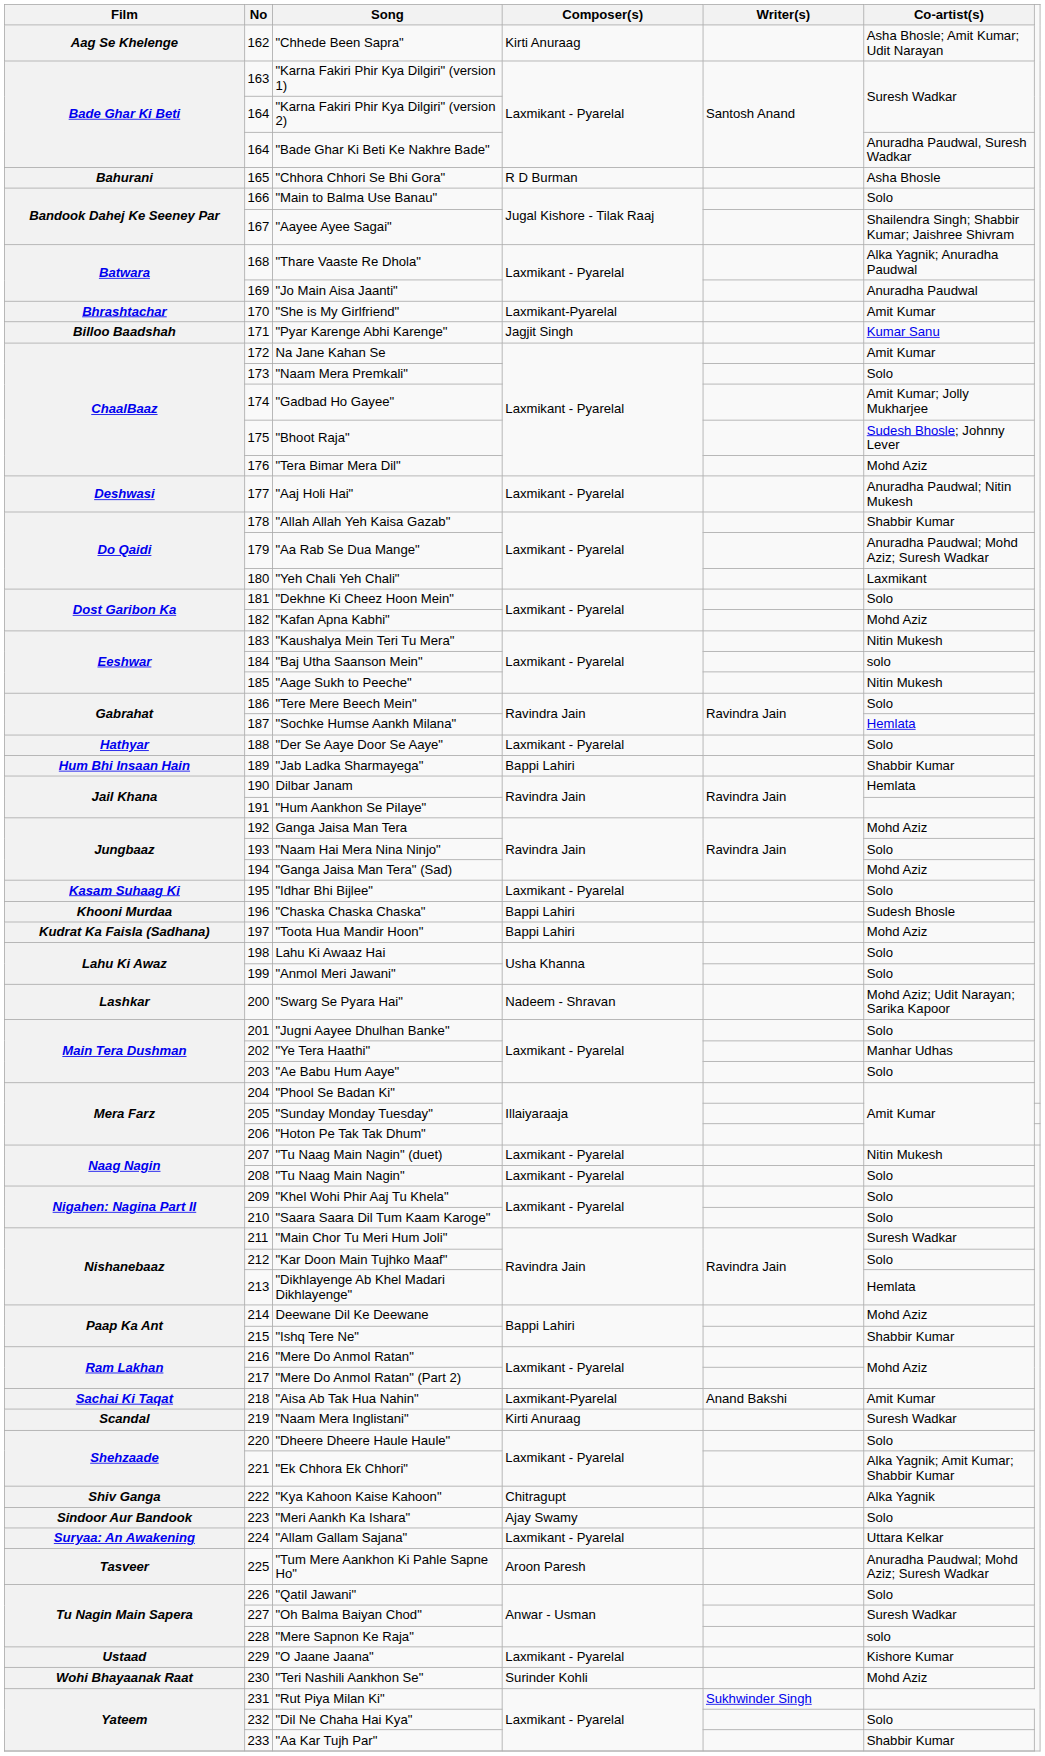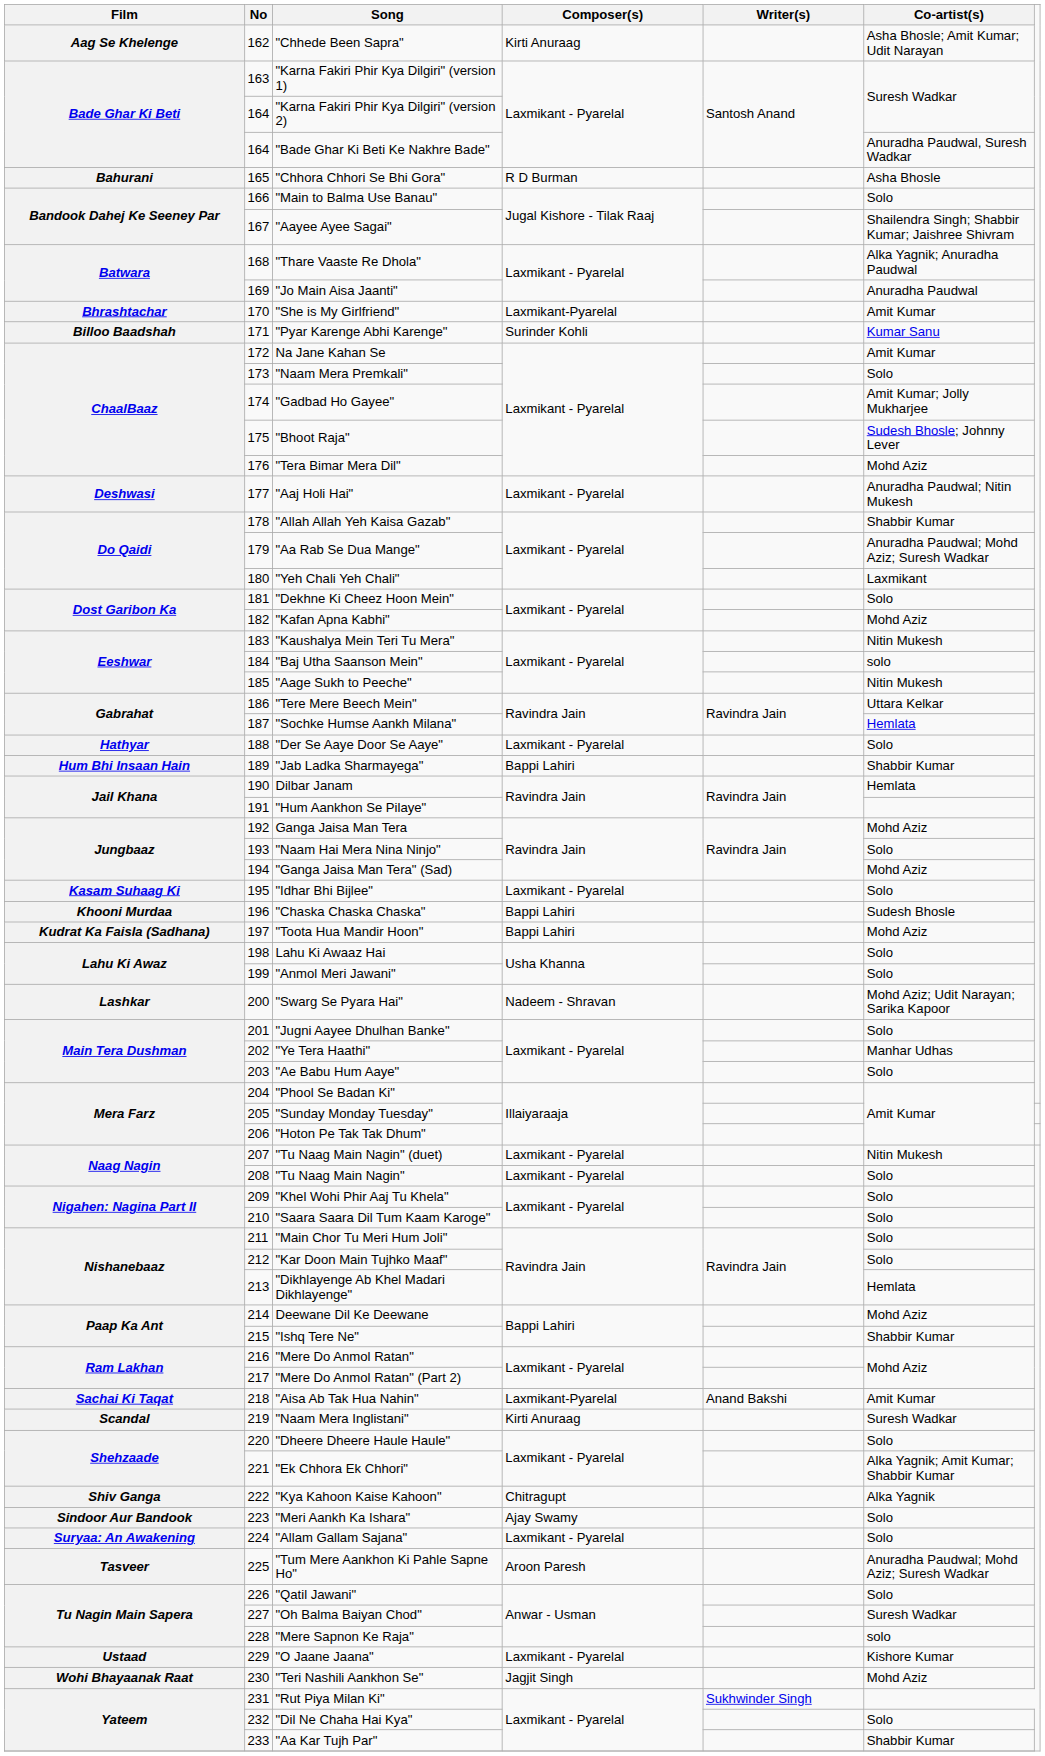 <table class="wikitable plainrowheaders" style="width:100%; textcolor:#000">
 <tr>
 <th scope="col" style="width:24%;">Film</th>
 <th>No</th>
 <th scope="col" style="width:23%;">Song</th>
 <th scope="col" style="width:20%;">Composer(s)</th>
 <th scope="col" style="width:16%;">Writer(s)</th>
 <th scope="col" style="width:18%;">Co-artist(s)</th>
 </tr>
 <tr>
 <th><em>Aag Se Khelenge</em></th>
 <td>162</td>
 <td>"Chhede Been Sapra"</td>
 <td>Kirti Anuraag</td>
 <td></td>
 <td>Asha Bhosle; Amit Kumar;  Udit Narayan</td>
 </tr>
 <tr>
 <th rowspan="3"><em><a href='#'>Bade Ghar Ki Beti</a></em></th>
 <td>163</td>
 <td>"Karna Fakiri Phir Kya Dilgiri" (version 1)</td>
 <td rowspan=3>Laxmikant - Pyarelal</td>
 <td rowspan=3>Santosh Anand</td>
 <td Rowspan=2>Suresh Wadkar</td>
 </tr>
 <tr>
 <td>164</td>
 <td>"Karna Fakiri Phir Kya Dilgiri" (version 2)</td>
 </tr>
 <tr>
 <td>164</td>
 <td>"Bade Ghar Ki Beti Ke Nakhre Bade"</td>
 <td>Anuradha Paudwal, Suresh Wadkar</td>
 </tr>
 <tr>
 <th><em>Bahurani</em></th>
 <td>165</td>
 <td>"Chhora Chhori Se Bhi Gora"</td>
 <td>R D Burman</td>
 <td></td>
 <td>Asha Bhosle</td>
 </tr>
 <tr>
 <th rowspan=2><em>Bandook Dahej Ke Seeney Par</em></th>
 <td>166</td>
 <td>"Main to Balma Use Banau"</td>
 <td rowspan=2>Jugal Kishore - Tilak Raaj</td>
 <td></td>
 <td>Solo</td>
 </tr>
 <tr>
 <td>167</td>
 <td>"Aayee Ayee Sagai"</td>
 <td></td>
 <td>Shailendra Singh; Shabbir Kumar; Jaishree Shivram</td>
 </tr>
 <tr>
 <th rowspan=2><em><a href='#'>Batwara</a></em></th>
 <td>168</td>
 <td>"Thare Vaaste Re Dhola"</td>
 <td rowspan=2>Laxmikant - Pyarelal</td>
 <td></td>
 <td>Alka Yagnik; Anuradha Paudwal</td>
 </tr>
 <tr>
 <td>169</td>
 <td>"Jo Main Aisa Jaanti"</td>
 <td></td>
 <td>Anuradha Paudwal</td>
 </tr>
 <tr>
 <th><em><a href='#'>Bhrashtachar</a></em></th>
 <td>170</td>
 <td>"She is My Girlfriend"</td>
 <td>Laxmikant-Pyarelal</td>
 <td></td>
 <td>Amit Kumar</td>
 </tr>
 <tr>
 <th><em>Billoo Baadshah</em></th>
 <td>171</td>
 <td>"Pyar Karenge Abhi Karenge"</td>
-<td>Jagjit Singh</td>
+<td>Surinder Kohli</td>
 <td></td>
 <td><a href='#'>Kumar Sanu</a></td>
 </tr>
 <tr>
 <th rowspan=5><em><a href='#'>ChaalBaaz</a></em></th>
 <td>172</td>
 <td>Na Jane Kahan Se</td>
 <td rowspan=5>Laxmikant - Pyarelal</td>
 <td></td>
 <td>Amit Kumar</td>
 </tr>
 <tr>
 <td>173</td>
 <td>"Naam Mera Premkali"</td>
 <td></td>
 <td>Solo</td>
 </tr>
 <tr>
 <td>174</td>
 <td>"Gadbad Ho Gayee"</td>
 <td></td>
 <td>Amit Kumar; Jolly Mukharjee</td>
 </tr>
 <tr>
 <td>175</td>
 <td>"Bhoot Raja"</td>
 <td></td>
 <td><a href='#'>Sudesh Bhosle</a>; Johnny Lever</td>
 </tr>
 <tr>
 <td>176</td>
 <td>"Tera Bimar Mera Dil"</td>
 <td></td>
 <td>Mohd Aziz</td>
 </tr>
 <tr>
 <th><em><a href='#'>Deshwasi</a></em></th>
 <td>177</td>
 <td>"Aaj Holi Hai"</td>
 <td>Laxmikant - Pyarelal</td>
 <td></td>
 <td>Anuradha Paudwal;  Nitin Mukesh</td>
 </tr>
 <tr>
 <th rowspan=3><em><a href='#'>Do Qaidi</a></em></th>
 <td>178</td>
 <td>"Allah Allah Yeh Kaisa Gazab"</td>
 <td rowspan=3>Laxmikant - Pyarelal</td>
 <td></td>
 <td>Shabbir Kumar</td>
 </tr>
 <tr>
 <td>179</td>
 <td>"Aa Rab Se Dua Mange"</td>
 <td></td>
 <td>Anuradha Paudwal;  Mohd Aziz; Suresh Wadkar</td>
 </tr>
 <tr>
 <td>180</td>
 <td>"Yeh Chali Yeh Chali"</td>
 <td></td>
 <td>Laxmikant</td>
 </tr>
 <tr>
 <th rowspan=2><em><a href='#'>Dost Garibon Ka</a></em></th>
 <td>181</td>
 <td>"Dekhne Ki Cheez Hoon Mein"</td>
 <td rowspan=2>Laxmikant - Pyarelal</td>
 <td></td>
 <td>Solo</td>
 </tr>
 <tr>
 <td>182</td>
 <td>"Kafan Apna Kabhi"</td>
 <td></td>
 <td>Mohd Aziz</td>
 </tr>
 <tr>
 <th rowspan=3><em><a href='#'>Eeshwar</a></em></th>
 <td>183</td>
 <td>"Kaushalya Mein Teri Tu Mera"</td>
 <td rowspan=3>Laxmikant - Pyarelal</td>
 <td></td>
 <td rowspan=1>Nitin Mukesh</td>
 </tr>
 <tr>
 <td>184</td>
 <td>"Baj Utha Saanson Mein"</td>
 <td></td>
 <td>solo</td>
 </tr>
 <tr>
 <td>185</td>
 <td>"Aage Sukh to Peeche"</td>
 <td></td>
 <td>Nitin Mukesh</td>
 </tr>
 <tr>
 <th rowspan=2><em>Gabrahat</em></th>
 <td>186</td>
 <td>"Tere Mere Beech Mein"</td>
 <td rowspan=2>Ravindra Jain</td>
 <td rowspan=2>Ravindra Jain</td>
-<td>Solo</td>
+<td>Uttara Kelkar</td>
 </tr>
 <tr>
 <td>187</td>
 <td>"Sochke Humse Aankh Milana"</td>
 <td><a href='#'>Hemlata</a></td>
 </tr>
 <tr>
 <th><em><a href='#'>Hathyar</a></em></th>
 <td>188</td>
 <td>"Der Se Aaye Door Se Aaye"</td>
 <td>Laxmikant - Pyarelal</td>
 <td></td>
 <td>Solo</td>
 </tr>
 <tr>
 <th><em><a href='#'>Hum Bhi Insaan Hain</a></em></th>
 <td>189</td>
 <td>"Jab Ladka Sharmayega"</td>
 <td>Bappi Lahiri</td>
 <td></td>
 <td>Shabbir Kumar</td>
 </tr>
 <tr>
 <th rowspan=2><em>Jail Khana</em></th>
 <td>190</td>
 <td>Dilbar Janam</td>
 <td rowspan=2>Ravindra Jain</td>
 <td rowspan=2>Ravindra Jain</td>
 <td>Hemlata</td>
 </tr>
 <tr>
 <td>191</td>
 <td>"Hum Aankhon Se Pilaye"</td>
 <td></td>
 </tr>
 <tr>
 <th rowspan=3><em>Jungbaaz</em></th>
 <td>192</td>
 <td>Ganga Jaisa Man Tera</td>
 <td rowspan=3>Ravindra Jain</td>
 <td rowspan=3>Ravindra Jain</td>
 <td>Mohd Aziz</td>
 </tr>
 <tr>
 <td>193</td>
 <td>"Naam Hai Mera Nina Ninjo"</td>
 <td>Solo</td>
 </tr>
 <tr>
 <td>194</td>
 <td>"Ganga Jaisa Man Tera" (Sad)</td>
 <td>Mohd Aziz</td>
 </tr>
 <tr>
 <th rowspan=1><em><a href='#'>Kasam Suhaag Ki</a></em></th>
 <td>195</td>
 <td>"Idhar Bhi Bijlee"</td>
 <td>Laxmikant - Pyarelal</td>
 <td></td>
 <td>Solo</td>
 </tr>
 <tr>
 <th><em>Khooni Murdaa</em></th>
 <td>196</td>
 <td>"Chaska Chaska Chaska"</td>
 <td>Bappi Lahiri</td>
 <td></td>
 <td>Sudesh Bhosle</td>
 </tr>
 <tr>
 <th><em>Kudrat Ka Faisla (Sadhana)</em></th>
 <td>197</td>
 <td>"Toota Hua Mandir Hoon"</td>
 <td>Bappi Lahiri</td>
 <td></td>
 <td>Mohd Aziz</td>
 </tr>
 <tr>
 <th rowspan=2><em>Lahu Ki Awaz</em></th>
 <td>198</td>
 <td>Lahu Ki Awaaz Hai</td>
 <td rowspan=2>Usha Khanna</td>
 <td></td>
 <td>Solo</td>
 </tr>
 <tr>
 <td>199</td>
 <td>"Anmol Meri Jawani"</td>
 <td></td>
 <td>Solo</td>
 </tr>
 <tr>
 <th><em>Lashkar</em></th>
 <td>200</td>
 <td>"Swarg Se Pyara Hai"</td>
 <td>Nadeem - Shravan</td>
 <td></td>
 <td>Mohd Aziz;  Udit Narayan; Sarika Kapoor</td>
 </tr>
 <tr>
 <th rowspan=3><em><a href='#'>Main Tera Dushman</a></em></th>
 <td>201</td>
 <td>"Jugni Aayee Dhulhan Banke"</td>
 <td rowspan=3>Laxmikant - Pyarelal</td>
 <td></td>
 <td>Solo</td>
 </tr>
 <tr>
 <td>202</td>
 <td>"Ye Tera Haathi"</td>
 <td></td>
 <td>Manhar Udhas</td>
 </tr>
 <tr>
 <td>203</td>
 <td>"Ae Babu Hum Aaye"</td>
 <td></td>
 <td>Solo</td>
 </tr>
 <tr>
 <th rowspan=3><em>Mera Farz</em></th>
 <td>204</td>
 <td>"Phool Se Badan Ki"</td>
 <td rowspan=3>Illaiyaraaja</td>
 <td></td>
 <td rowspan=3>Amit Kumar</td>
 </tr>
 <tr>
 <td>205</td>
 <td>"Sunday Monday Tuesday"</td>
 <td></td>
 <td></td>
 </tr>
 <tr>
 <td>206</td>
 <td>"Hoton Pe Tak Tak Dhum"</td>
 <td></td>
 <td></td>
 </tr>
 <tr>
 <th rowspan=2><em><a href='#'>Naag Nagin</a></em></th>
 <td>207</td>
 <td>"Tu Naag Main Nagin" (duet)</td>
 <td>Laxmikant - Pyarelal</td>
 <td></td>
 <td>Nitin Mukesh</td>
 </tr>
 <tr>
 <td>208</td>
 <td>"Tu Naag Main Nagin"</td>
 <td>Laxmikant - Pyarelal</td>
 <td></td>
 <td>Solo</td>
 </tr>
 <tr>
 <th rowspan=2><em><a href='#'>Nigahen: Nagina Part II</a></em></th>
 <td>209</td>
 <td>"Khel Wohi Phir Aaj Tu Khela"</td>
 <td rowspan=2>Laxmikant - Pyarelal</td>
 <td></td>
 <td>Solo</td>
 </tr>
 <tr>
 <td>210</td>
 <td>"Saara Saara Dil Tum Kaam Karoge"</td>
 <td></td>
 <td>Solo</td>
 </tr>
 <tr>
 <th rowspan=3><em>Nishanebaaz</em></th>
 <td>211</td>
 <td>"Main Chor Tu Meri Hum Joli"</td>
 <td rowspan=3>Ravindra Jain</td>
 <td rowspan=3>Ravindra Jain</td>
-<td>Suresh Wadkar</td>
+<td>Solo</td>
 </tr>
 <tr>
 <td>212</td>
 <td>"Kar Doon Main Tujhko Maaf"</td>
 <td>Solo</td>
 </tr>
 <tr>
 <td>213</td>
 <td>"Dikhlayenge Ab Khel Madari Dikhlayenge"</td>
 <td>Hemlata</td>
 </tr>
 <tr>
 <th rowspan=2><em>Paap Ka Ant</em></th>
 <td>214</td>
 <td>Deewane Dil Ke Deewane</td>
 <td rowspan=2>Bappi Lahiri</td>
 <td></td>
 <td>Mohd Aziz</td>
 </tr>
 <tr>
 <td>215</td>
 <td>"Ishq Tere Ne"</td>
 <td></td>
 <td>Shabbir Kumar</td>
 </tr>
 <tr>
 <th rowspan="2"><em><a href='#'>Ram Lakhan</a></em></th>
 <td>216</td>
 <td>"Mere Do Anmol Ratan"</td>
 <td rowspan="2">Laxmikant - Pyarelal</td>
 <td></td>
 <td rowspan="2">Mohd Aziz</td>
 </tr>
 <tr>
 <td>217</td>
 <td>"Mere Do Anmol Ratan" (Part 2)</td>
 <td></td>
 </tr>
 <tr>
 <th><em><a href='#'>Sachai Ki Taqat</a></em></th>
 <td>218</td>
 <td>"Aisa Ab Tak Hua Nahin"</td>
 <td>Laxmikant-Pyarelal</td>
 <td>Anand Bakshi</td>
 <td>Amit Kumar</td>
 </tr>
 <tr>
 <th><em>Scandal</em></th>
 <td>219</td>
 <td>"Naam Mera Inglistani"</td>
 <td>Kirti Anuraag</td>
 <td></td>
 <td>Suresh Wadkar</td>
 </tr>
 <tr>
 <th rowspan=2><em><a href='#'>Shehzaade</a></em></th>
 <td>220</td>
 <td>"Dheere Dheere Haule Haule"</td>
 <td rowspan=2>Laxmikant - Pyarelal</td>
 <td></td>
 <td>Solo</td>
 </tr>
 <tr>
 <td>221</td>
 <td>"Ek Chhora Ek Chhori"</td>
 <td></td>
 <td>Alka Yagnik;  Amit Kumar; Shabbir Kumar</td>
 </tr>
 <tr>
 <th><em>Shiv Ganga</em></th>
 <td>222</td>
 <td>"Kya Kahoon Kaise Kahoon"</td>
 <td>Chitragupt</td>
 <td></td>
 <td>Alka Yagnik</td>
 </tr>
 <tr>
 <th><em>Sindoor Aur Bandook</em></th>
 <td>223</td>
 <td>"Meri Aankh Ka Ishara"</td>
 <td>Ajay Swamy</td>
 <td></td>
 <td>Solo</td>
 </tr>
 <tr>
 <th><em><a href='#'>Suryaa: An Awakening</a></em></th>
 <td>224</td>
 <td>"Allam Gallam Sajana"</td>
 <td>Laxmikant - Pyarelal</td>
 <td></td>
-<td>Uttara Kelkar</td>
+<td>Solo</td>
 </tr>
 <tr>
 <th><em>Tasveer</em></th>
 <td>225</td>
 <td>"Tum Mere Aankhon Ki Pahle Sapne Ho"</td>
 <td>Aroon Paresh</td>
 <td></td>
 <td>Anuradha Paudwal;  Mohd Aziz; Suresh Wadkar</td>
 </tr>
 <tr>
 <th rowspan=3><em>Tu Nagin Main Sapera</em></th>
 <td>226</td>
 <td>"Qatil Jawani"</td>
 <td rowspan=3>Anwar - Usman</td>
 <td></td>
 <td>Solo</td>
 </tr>
 <tr>
 <td>227</td>
 <td>"Oh Balma Baiyan Chod"</td>
 <td></td>
 <td>Suresh Wadkar</td>
 </tr>
 <tr>
 <td>228</td>
 <td>"Mere Sapnon Ke Raja"</td>
 <td></td>
 <td>solo</td>
 </tr>
 <tr>
 <th><em>Ustaad</em></th>
 <td>229</td>
 <td>"O Jaane Jaana"</td>
 <td>Laxmikant - Pyarelal</td>
 <td></td>
 <td>Kishore Kumar</td>
 </tr>
 <tr>
 <th><em>Wohi Bhayaanak Raat</em></th>
 <td>230</td>
 <td>"Teri Nashili Aankhon Se"</td>
-<td>Surinder Kohli</td>
+<td>Jagjit Singh</td>
 <td></td>
 <td>Mohd Aziz</td>
 </tr>
 <tr>
 <th rowspan=3><em>Yateem</em></th>
 <td>231</td>
 <td>"Rut Piya Milan Ki"</td>
 <td rowspan=3>Laxmikant - Pyarelal</td>
 <td><a href='#'>Sukhwinder Singh</a></td>
 </tr>
 <tr>
 <td>232</td>
 <td>"Dil Ne Chaha Hai Kya"</td>
 <td></td>
 <td>Solo</td>
 </tr>
 <tr>
 <td>233</td>
 <td>"Aa Kar Tujh Par"</td>
 <td></td>
 <td>Shabbir Kumar</td>
 </tr>
 <tr>
 </tr>
 </table>
